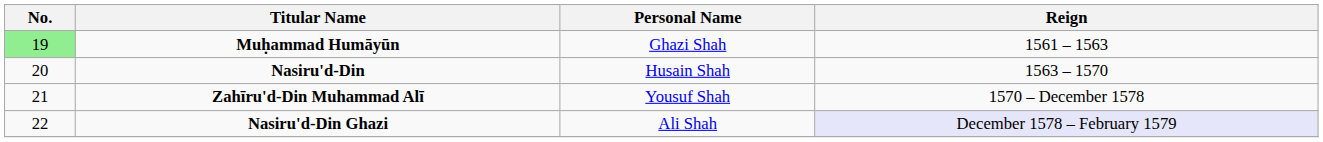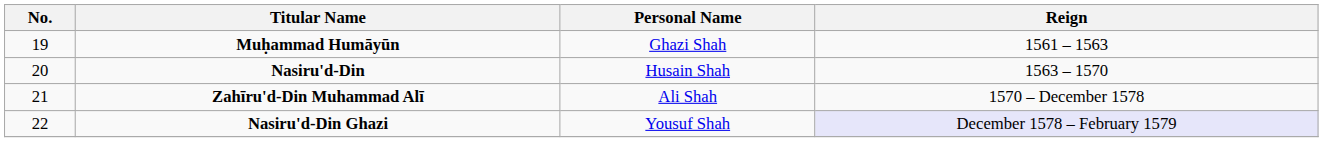 <table width=100% class="wikitable">
 <tr>
 <th style="background-color: width=7%">No.</th>
 <th style="background-color: width=7%">Titular Name</th>
 <th style="background-color: width=7%">Personal Name</th>
 <th style="background-color: width=7%">Reign</th>
 </tr>
 <tr>
-<td align="center" style="background: lightgreen;">19</td>
+<td align="center">19</td>
 <td align="center"><strong>Muḥammad Humāyūn</strong></td>
 <td align="center"><a href='#'>Ghazi Shah</a></td>
 <td align="center">1561 – 1563</td>
 </tr>
 <tr>
 <td align="center">20</td>
 <td align="center"><strong>Nasiru'd-Din</strong></td>
 <td align="center"><a href='#'>Husain Shah</a></td>
 <td align="center">1563 – 1570</td>
 </tr>
 <tr>
 <td align="center">21</td>
 <td align="center"><strong>Zahīru'd-Din Muhammad Alī</strong></td>
-<td align="center"><a href='#'>Yousuf Shah</a></td>
+<td align="center"><a href='#'>Ali Shah</a></td>
 <td align="center">1570 – December 1578</td>
 </tr>
 <tr>
 <td align="center">22</td>
 <td align="center"><strong>Nasiru'd-Din Ghazi</strong></td>
-<td align="center"><a href='#'>Ali Shah</a></td>
+<td align="center"><a href='#'>Yousuf Shah</a></td>
 <td align="center" style="background: lavender;">December 1578 – February 1579</td>
 </tr>
 <tr>
 </tr>
 </table>
